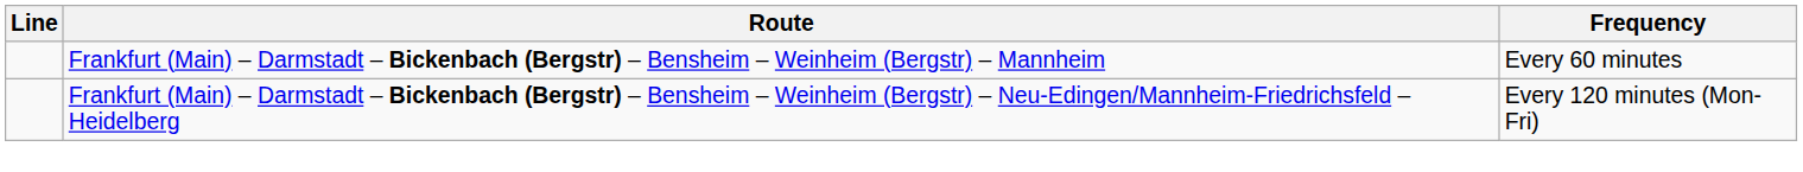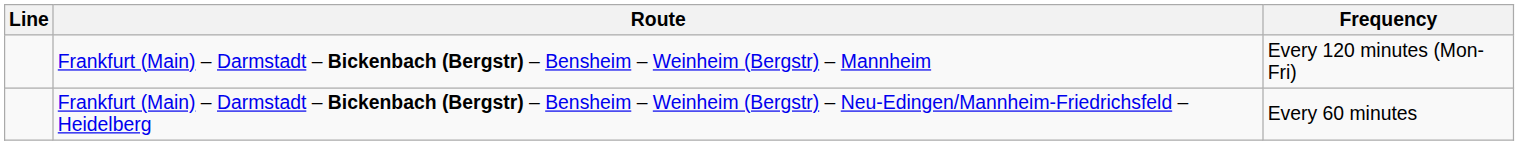 <table class="wikitable">
 <tr>
 <th>Line</th>
 <th>Route</th>
 <th>Frequency</th>
 </tr>
 <tr>
 <td></td>
 <td><a href='#'>Frankfurt (Main)</a> – <a href='#'>Darmstadt</a> – <strong>Bickenbach (Bergstr)</strong> – <a href='#'>Bensheim</a> – <a href='#'>Weinheim (Bergstr)</a> – <a href='#'>Mannheim</a></td>
-<td>Every 60 minutes</td>
+<td>Every 120 minutes (Mon-Fri)</td>
 </tr>
 <tr>
 <td></td>
 <td><a href='#'>Frankfurt (Main)</a> – <a href='#'>Darmstadt</a> – <strong>Bickenbach (Bergstr)</strong> – <a href='#'>Bensheim</a> – <a href='#'>Weinheim (Bergstr)</a> – <a href='#'>Neu-Edingen/Mannheim-Friedrichsfeld</a> – <a href='#'>Heidelberg</a></td>
-<td>Every 120 minutes (Mon-Fri)</td>
+<td>Every 60 minutes</td>
 </tr>
 </table>
